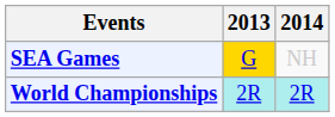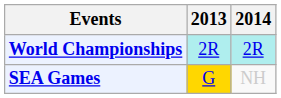 <table style='font-size: 90%; text-align:center;' class='wikitable'>
 <tr>
 <th>Events</th>
 <th>2013</th>
 <th>2014</th>
 </tr>
 <tr>
+<td bgcolor="#ECF2FF"; align="left"><strong><a href='#'>World Championships</a></strong></td>
+<td bgcolor=AFEEEE><a href='#'>2R</a></td>
+<td bgcolor=AFEEEE><a href='#'>2R</a></td>
+</tr>
+<tr>
 <td bgcolor="#ECF2FF"; align="left"><strong><a href='#'>SEA Games</a></strong></td>
 <td bgcolor=gold><a href='#'>G</a></td>
 <td style="color:#ccc;">NH</td>
 </tr>
-<tr>
-<td bgcolor="#ECF2FF"; align="left"><strong><a href='#'>World Championships</a></strong></td>
-<td bgcolor=AFEEEE><a href='#'>2R</a></td>
-<td bgcolor=AFEEEE><a href='#'>2R</a></td>
-</tr>
 </table>
